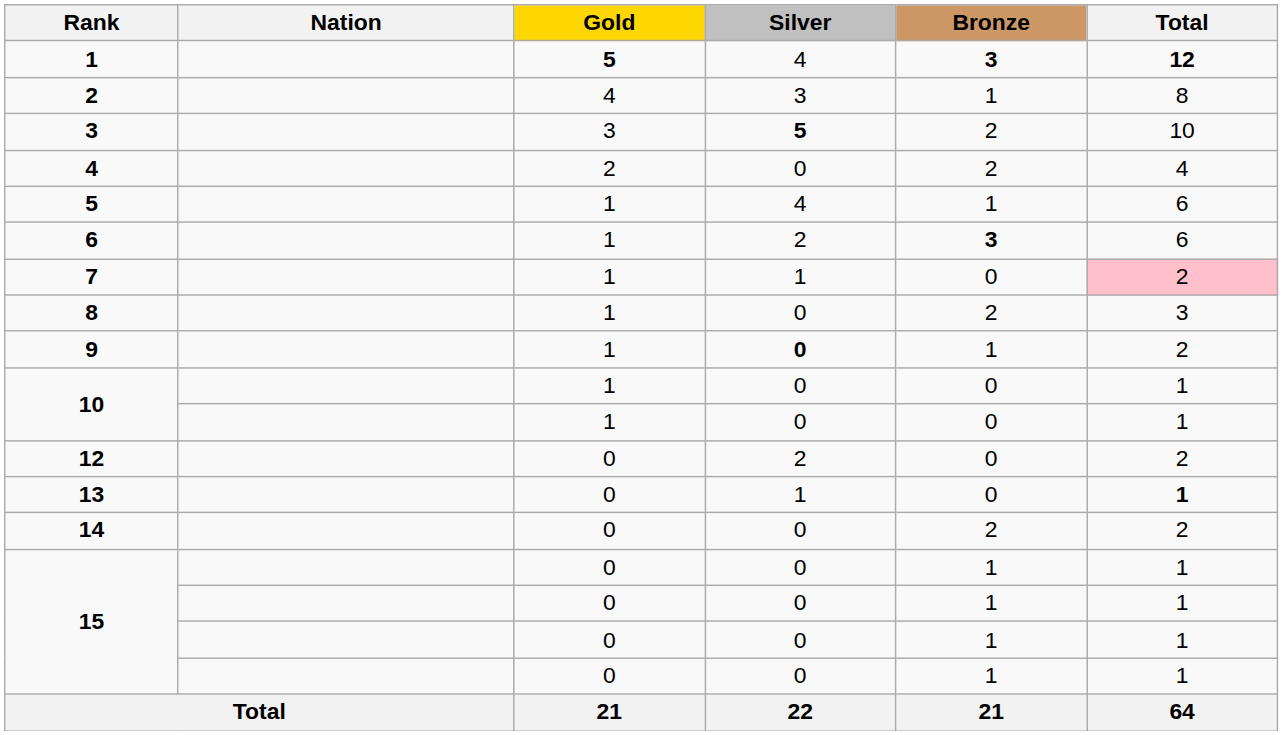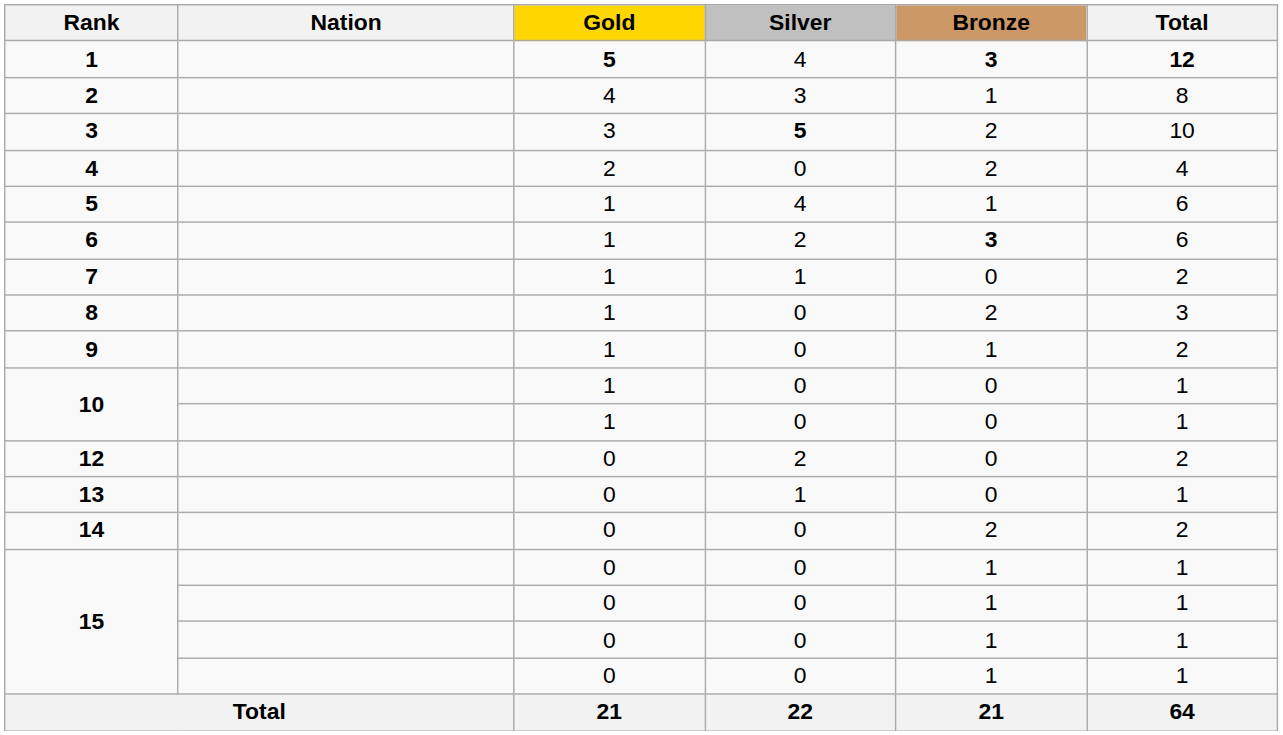 <table class="wikitable collapsible autocollapse plainrowheaders" width=70.5% style="text-align:center;">
 <tr style="background-color:#EDEDED;">
 <th width=100px class="hintergrundfarbe5">Rank</th>
 <th width=200px class="hintergrundfarbe6">Nation</th>
 <th style="background:    gold; width:15%">Gold</th>
 <th style="background:  silver; width:15%">Silver</th>
 <th style="background: #CC9966; width:15%">Bronze</th>
 <th class="hintergrundfarbe6" style="width:15%">Total</th>
 </tr>
 <tr>
 <td><strong>1</strong></td>
 <td align=left></td>
 <td><strong>5</strong></td>
 <td>4</td>
 <td><strong>3</strong></td>
 <td><strong>12</strong></td>
 </tr>
 <tr>
 <td><strong>2</strong></td>
 <td align=left></td>
 <td>4</td>
 <td>3</td>
 <td>1</td>
 <td>8</td>
 </tr>
 <tr>
 <td><strong>3</strong></td>
 <td align=left></td>
 <td>3</td>
 <td><strong>5</strong></td>
 <td>2</td>
 <td>10</td>
 </tr>
 <tr>
 <td><strong>4</strong></td>
 <td align=left></td>
 <td>2</td>
 <td>0</td>
 <td>2</td>
 <td>4</td>
 </tr>
 <tr>
 <td><strong>5</strong></td>
 <td align=left><em></em></td>
 <td>1</td>
 <td>4</td>
 <td>1</td>
 <td>6</td>
 </tr>
 <tr>
 <td><strong>6</strong></td>
 <td align=left></td>
 <td>1</td>
 <td>2</td>
 <td><strong>3</strong></td>
 <td>6</td>
 </tr>
 <tr>
 <td><strong>7</strong></td>
 <td align=left></td>
 <td>1</td>
 <td>1</td>
 <td>0</td>
-<td style="background: pink;">2</td>
+<td>2</td>
 </tr>
 <tr>
 <td><strong>8</strong></td>
 <td align=left></td>
 <td>1</td>
 <td>0</td>
 <td>2</td>
 <td>3</td>
 </tr>
 <tr>
 <td><strong>9</strong></td>
 <td align=left></td>
 <td>1</td>
-<td><strong>0</strong></td>
+<td>0</td>
 <td>1</td>
 <td>2</td>
 </tr>
 <tr>
 <td rowspan=2><strong>10</strong></td>
 <td align=left></td>
 <td>1</td>
 <td>0</td>
 <td>0</td>
 <td>1</td>
 </tr>
 <tr>
 <td align=left></td>
 <td>1</td>
 <td>0</td>
 <td>0</td>
 <td>1</td>
 </tr>
 <tr>
 <td><strong>12</strong></td>
 <td align=left></td>
 <td>0</td>
 <td>2</td>
 <td>0</td>
 <td>2</td>
 </tr>
 <tr>
 <td><strong>13</strong></td>
 <td align=left></td>
 <td>0</td>
 <td>1</td>
 <td>0</td>
-<td><strong>1</strong></td>
+<td>1</td>
 </tr>
 <tr>
 <td><strong>14</strong></td>
 <td align=left></td>
 <td>0</td>
 <td>0</td>
 <td>2</td>
 <td>2</td>
 </tr>
 <tr>
 <td rowspan=4><strong>15</strong></td>
 <td align=left></td>
 <td>0</td>
 <td>0</td>
 <td>1</td>
 <td>1</td>
 </tr>
 <tr>
 <td align=left></td>
 <td>0</td>
 <td>0</td>
 <td>1</td>
 <td>1</td>
 </tr>
 <tr>
 <td align=left></td>
 <td>0</td>
 <td>0</td>
 <td>1</td>
 <td>1</td>
 </tr>
 <tr>
 <td align=left><em></em></td>
 <td>0</td>
 <td>0</td>
 <td>1</td>
 <td>1</td>
 </tr>
 <tr>
 <th colspan=2>Total</th>
 <th>21</th>
 <th>22</th>
 <th>21</th>
 <th>64</th>
 </tr>
 </table>
